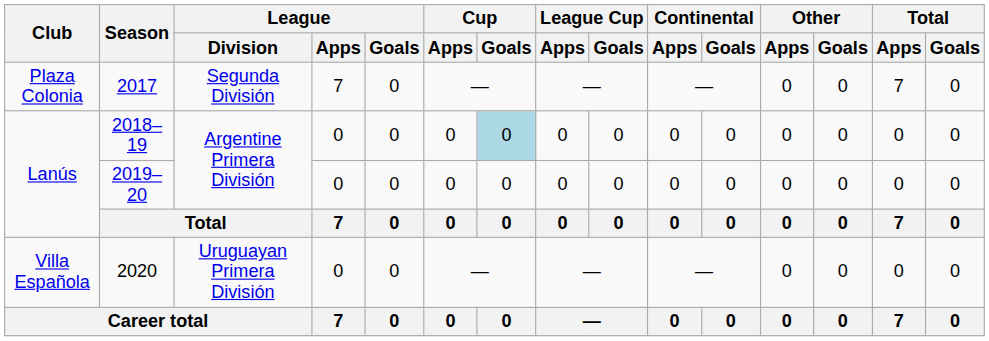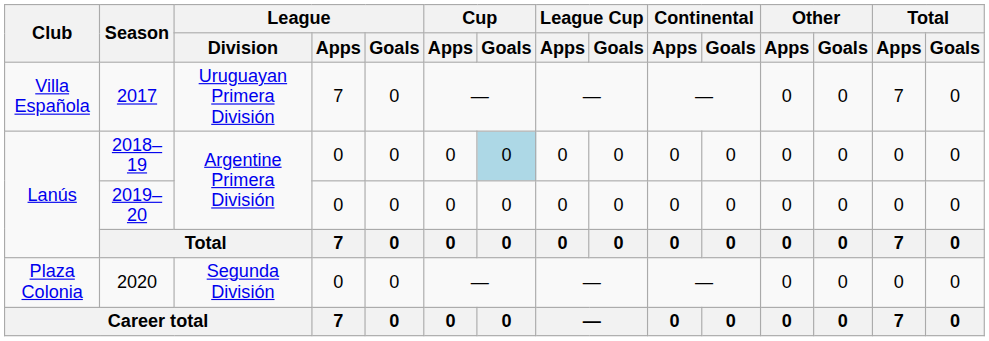 <table class="wikitable" style="text-align:center">
 <tr>
 <th rowspan="2">Club</th>
 <th rowspan="2">Season</th>
 <th colspan="3">League</th>
 <th colspan="2">Cup</th>
 <th colspan="2">League Cup</th>
 <th colspan="2">Continental</th>
 <th colspan="2">Other</th>
 <th colspan="2">Total</th>
 </tr>
 <tr>
 <th>Division</th>
 <th>Apps</th>
 <th>Goals</th>
 <th>Apps</th>
 <th>Goals</th>
 <th>Apps</th>
 <th>Goals</th>
 <th>Apps</th>
 <th>Goals</th>
 <th>Apps</th>
 <th>Goals</th>
 <th>Apps</th>
 <th>Goals</th>
 </tr>
 <tr>
-<td rowspan="1"><a href='#'>Plaza Colonia</a></td>
+<td rowspan="1"><a href='#'>Villa Española</a></td>
 <td><a href='#'>2017</a></td>
-<td rowspan="1"><a href='#'>Segunda División</a></td>
+<td rowspan="1"><a href='#'>Uruguayan Primera División</a></td>
 <td>7</td>
 <td>0</td>
 <td colspan="2">—</td>
 <td colspan="2">—</td>
 <td colspan="2">—</td>
 <td>0</td>
 <td>0</td>
 <td>7</td>
 <td>0</td>
 </tr>
 <tr>
 <td rowspan="3"><a href='#'>Lanús</a></td>
 <td><a href='#'>2018–19</a></td>
 <td rowspan="2"><a href='#'>Argentine Primera División</a></td>
 <td>0</td>
 <td>0</td>
 <td>0</td>
 <td style="background: lightblue;">0</td>
 <td>0</td>
 <td>0</td>
 <td>0</td>
 <td>0</td>
 <td>0</td>
 <td>0</td>
 <td>0</td>
 <td>0</td>
 </tr>
 <tr>
 <td><a href='#'>2019–20</a></td>
 <td>0</td>
 <td>0</td>
 <td>0</td>
 <td>0</td>
 <td>0</td>
 <td>0</td>
 <td>0</td>
 <td>0</td>
 <td>0</td>
 <td>0</td>
 <td>0</td>
 <td>0</td>
 </tr>
 <tr>
 <th colspan="2">Total</th>
 <th>7</th>
 <th>0</th>
 <th>0</th>
 <th>0</th>
 <th>0</th>
 <th>0</th>
 <th>0</th>
 <th>0</th>
 <th>0</th>
 <th>0</th>
 <th>7</th>
 <th>0</th>
 </tr>
 <tr>
-<td rowspan="1"><a href='#'>Villa Española</a></td>
+<td rowspan="1"><a href='#'>Plaza Colonia</a></td>
 <td>2020</td>
-<td rowspan="1"><a href='#'>Uruguayan Primera División</a></td>
+<td rowspan="1"><a href='#'>Segunda División</a></td>
 <td>0</td>
 <td>0</td>
 <td colspan="2">—</td>
 <td colspan="2">—</td>
 <td colspan="2">—</td>
 <td>0</td>
 <td>0</td>
 <td>0</td>
 <td>0</td>
 </tr>
 <tr>
 <th colspan="3">Career total</th>
 <th>7</th>
 <th>0</th>
 <th>0</th>
 <th>0</th>
 <th colspan="2">—</th>
 <th>0</th>
 <th>0</th>
 <th>0</th>
 <th>0</th>
 <th>7</th>
 <th>0</th>
 </tr>
 </table>
